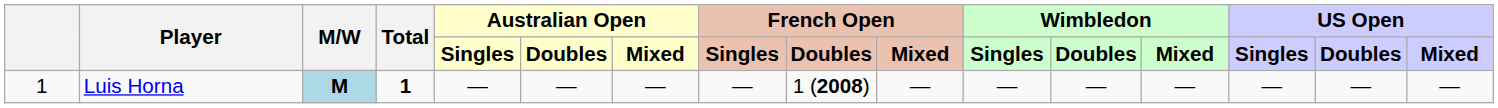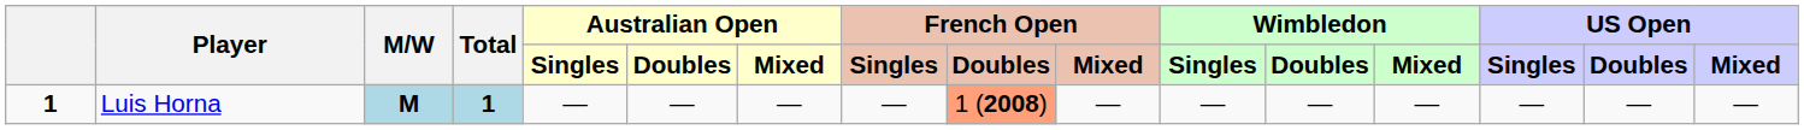 <table class="wikitable mw-datatable sortable" style="text-align:center;">
 <tr>
 <th data-sort-type="number" width="5%" rowspan="2"></th>
 <th width="15%" rowspan="2">Player</th>
 <th width="5%"  rowspan="2">M/W</th>
 <th rowspan="2">Total</th>
 <th colspan="3" style="background:#ffc;">Australian Open</th>
 <th colspan="3" style="background:#ebc2af;">French Open</th>
 <th colspan="3" style="background:#cfc;">Wimbledon</th>
 <th colspan="3" style="background:#ccf;">US Open</th>
 </tr>
 <tr>
 <th style="background:#ffc; width:60px;">Singles</th>
 <th style="background:#ffc; width:60px;">Doubles</th>
 <th style="background:#ffc; width:60px;">Mixed</th>
 <th style="background:#ebc2af; width:60px;">Singles</th>
 <th style="background:#ebc2af; width:60px;">Doubles</th>
 <th style="background:#ebc2af; width:60px;">Mixed</th>
 <th style="background:#cfc; width:60px;">Singles</th>
 <th style="background:#cfc; width:60px;">Doubles</th>
 <th style="background:#cfc; width:60px;">Mixed</th>
 <th style="background:#ccf; width:60px;">Singles</th>
 <th style="background:#ccf; width:60px;">Doubles</th>
 <th style="background:#ccf; width:60px;">Mixed</th>
 </tr>
 <tr>
-<td>1</td>
+<td><strong>1</strong></td>
 <td style="text-align:left"><a href='#'>Luis Horna</a></td>
 <td style="background:lightblue;"><strong>M</strong></td>
-<td><strong>1</strong></td>
+<td style="background: lightblue;"><strong>1</strong></td>
 <td>—</td>
 <td>—</td>
 <td>—</td>
 <td>—</td>
-<td>1 (<strong>2008</strong>)</td>
+<td style="background: lightsalmon;">1 (<strong>2008</strong>)</td>
 <td>—</td>
 <td>—</td>
 <td>—</td>
 <td>—</td>
 <td>—</td>
 <td>—</td>
 <td>—</td>
 </tr>
 </table>
